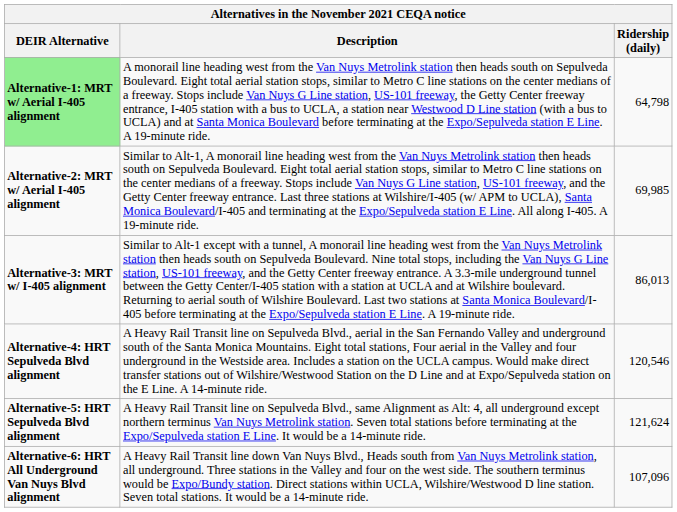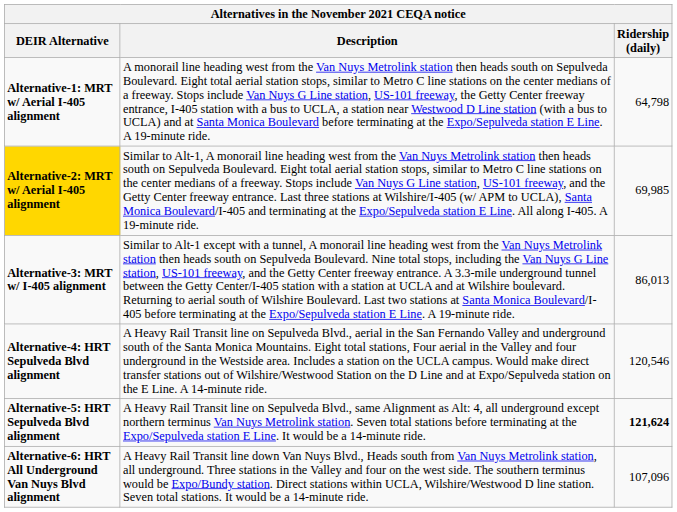 <table class="wikitable mw-collapsible mw-collapsed">
 <tr>
 <th colspan = 3>Alternatives in the November 2021 CEQA notice</th>
 </tr>
 <tr>
 <th>DEIR Alternative</th>
 <th>Description</th>
 <th>Ridership<br>(daily)</th>
 </tr>
 <tr>
-<td style="background: lightgreen;"><strong>Alternative-1: MRT w/ Aerial I-405 alignment</strong></td>
+<td><strong>Alternative-1: MRT w/ Aerial I-405 alignment</strong></td>
 <td>A monorail line heading west from the <a href='#'>Van Nuys Metrolink station</a> then heads south on Sepulveda Boulevard. Eight total aerial station stops, similar to Metro C line stations on the center medians of a freeway. Stops include <a href='#'>Van Nuys G Line station</a>, <a href='#'>US-101 freeway</a>, the Getty Center freeway entrance, I-405 station with a bus to UCLA, a station near <a href='#'>Westwood D Line station</a> (with a bus to UCLA) and at <a href='#'>Santa Monica Boulevard</a> before terminating at the <a href='#'>Expo/Sepulveda station E Line</a>. A 19-minute ride.</td>
 <td align="right">64,798</td>
 </tr>
 <tr>
-<td><strong>Alternative-2: MRT w/ Aerial I-405 alignment</strong></td>
+<td style="background: gold;"><strong>Alternative-2: MRT w/ Aerial I-405 alignment</strong></td>
 <td>Similar to Alt-1, A monorail line heading west from the <a href='#'>Van Nuys Metrolink station</a> then heads south on Sepulveda Boulevard. Eight total aerial station stops, similar to Metro C line stations on the center medians of a freeway. Stops include <a href='#'>Van Nuys G Line station</a>, <a href='#'>US-101 freeway</a>, and the Getty Center freeway entrance. Last three stations at Wilshire/I-405 (w/ APM to UCLA), <a href='#'>Santa Monica Boulevard</a>/I-405 and terminating at the <a href='#'>Expo/Sepulveda station E Line</a>. All along I-405. A 19-minute ride.</td>
 <td align="right">69,985</td>
 </tr>
 <tr>
 <td><strong>Alternative-3: MRT w/ I-405 alignment</strong></td>
 <td>Similar to Alt-1 except with a tunnel, A monorail line heading west from the <a href='#'>Van Nuys Metrolink station</a> then heads south on Sepulveda Boulevard. Nine total stops, including the <a href='#'>Van Nuys G Line station</a>, <a href='#'>US-101 freeway</a>, and the Getty Center freeway entrance. A 3.3-mile underground tunnel between the Getty Center/I-405 station with a station at UCLA and at Wilshire boulevard. Returning to aerial south of Wilshire Boulevard. Last two stations at <a href='#'>Santa Monica Boulevard</a>/I-405 before terminating at the <a href='#'>Expo/Sepulveda station E Line</a>. A 19-minute ride.</td>
 <td align="right">86,013</td>
 </tr>
 <tr>
 <td><strong>Alternative-4: HRT Sepulveda Blvd alignment</strong></td>
 <td>A Heavy Rail Transit line on Sepulveda Blvd., aerial in the San Fernando Valley and underground south of the Santa Monica Mountains. Eight total stations, Four aerial in the Valley and four underground in the Westside area. Includes a station on the UCLA campus. Would make direct transfer stations out of Wilshire/Westwood Station on the D Line and at Expo/Sepulveda station on the E Line. A 14-minute ride.</td>
 <td align="right">120,546</td>
 </tr>
 <tr>
 <td><strong>Alternative-5: HRT Sepulveda Blvd alignment</strong></td>
 <td>A Heavy Rail Transit line on Sepulveda Blvd., same Alignment as Alt: 4, all underground except northern terminus <a href='#'>Van Nuys Metrolink station</a>. Seven total stations before terminating at the <a href='#'>Expo/Sepulveda station E Line</a>.  It would be a 14-minute ride.</td>
-<td align="right">121,624</td>
+<td align="right"><strong>121,624</strong></td>
 </tr>
 <tr>
 <td><strong>Alternative-6: HRT All Underground Van Nuys Blvd alignment</strong></td>
 <td>A Heavy Rail Transit line down Van Nuys Blvd., Heads south from <a href='#'>Van Nuys Metrolink station</a>, all underground. Three stations in the Valley and four on the west side. The southern terminus would be <a href='#'>Expo/Bundy station</a>. Direct stations within UCLA, Wilshire/Westwood D line station. Seven total stations. It would be a 14-minute ride.</td>
 <td align="right">107,096</td>
 </tr>
 </table>
